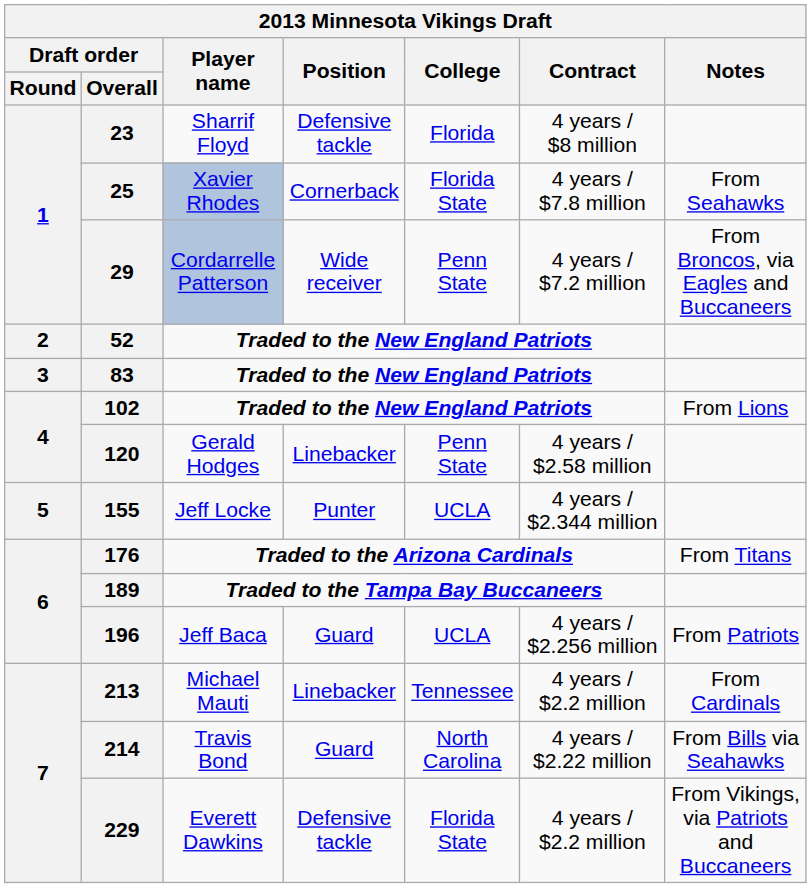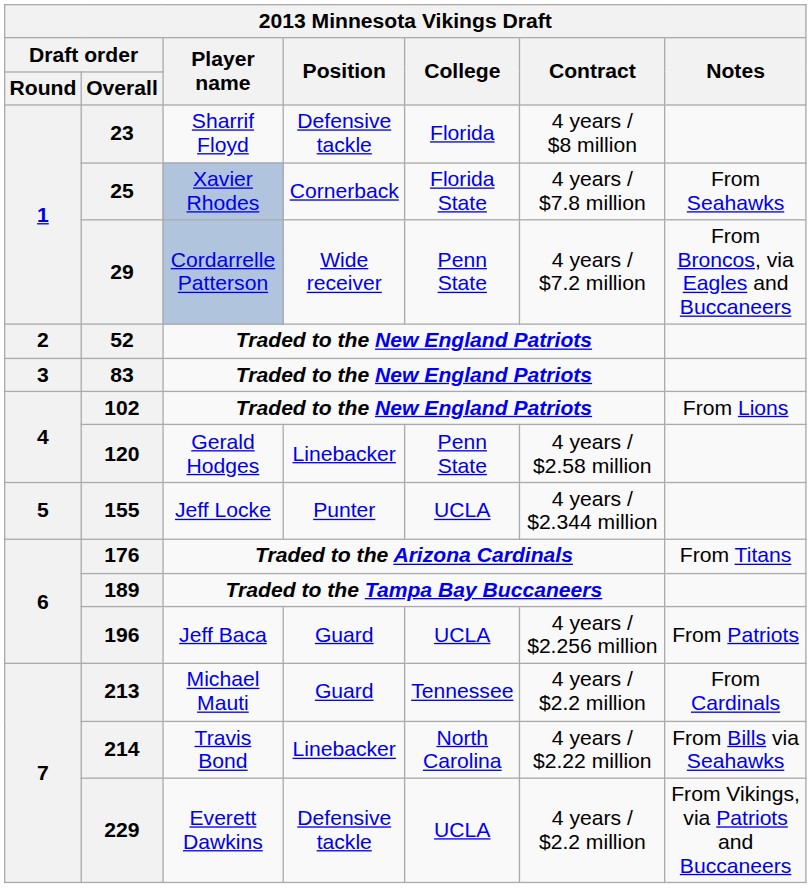 <table class="wikitable" style="text-align:center">
 <tr>
 <th colspan="7">2013 Minnesota Vikings Draft</th>
 </tr>
 <tr>
 <th colspan="2">Draft order</th>
 <th rowspan="2">Player name</th>
 <th rowspan="2">Position</th>
 <th rowspan="2">College</th>
 <th rowspan="2">Contract</th>
 <th rowspan="2">Notes</th>
 </tr>
 <tr>
 <th>Round</th>
 <th>Overall</th>
 </tr>
 <tr>
 <th rowspan="3"><a href='#'>1</a></th>
 <th>23</th>
 <td><a href='#'>Sharrif Floyd</a></td>
 <td><a href='#'>Defensive tackle</a></td>
 <td><a href='#'>Florida</a></td>
 <td>4 years / $8 million</td>
 <td></td>
 </tr>
 <tr>
 <th>25</th>
 <td bgcolor=lightsteelblue><a href='#'>Xavier Rhodes</a></td>
 <td><a href='#'>Cornerback</a></td>
 <td><a href='#'>Florida State</a></td>
 <td>4 years / $7.8 million</td>
 <td>From <a href='#'>Seahawks</a></td>
 </tr>
 <tr>
 <th>29</th>
 <td bgcolor=lightsteelblue><a href='#'>Cordarrelle Patterson</a></td>
 <td><a href='#'>Wide receiver</a></td>
 <td><a href='#'>Penn State</a></td>
 <td>4 years / $7.2 million</td>
 <td>From <a href='#'>Broncos</a>, via <a href='#'>Eagles</a> and <a href='#'>Buccaneers</a></td>
 </tr>
 <tr>
 <th>2</th>
 <th>52</th>
 <td colspan="4"><strong><em>Traded to the <a href='#'>New England Patriots</a></em></strong></td>
 <td></td>
 </tr>
 <tr>
 <th>3</th>
 <th>83</th>
 <td colspan="4"><strong><em>Traded to the <a href='#'>New England Patriots</a></em></strong></td>
 <td></td>
 </tr>
 <tr>
 <th rowspan="2">4</th>
 <th>102</th>
 <td colspan="4"><strong><em>Traded to the <a href='#'>New England Patriots</a></em></strong></td>
 <td>From <a href='#'>Lions</a></td>
 </tr>
 <tr>
 <th>120</th>
 <td><a href='#'>Gerald Hodges</a></td>
 <td><a href='#'>Linebacker</a></td>
 <td><a href='#'>Penn State</a></td>
 <td>4 years / $2.58 million</td>
 <td></td>
 </tr>
 <tr>
 <th>5</th>
 <th>155</th>
 <td><a href='#'>Jeff Locke</a></td>
 <td><a href='#'>Punter</a></td>
 <td><a href='#'>UCLA</a></td>
 <td>4 years / $2.344 million</td>
 <td></td>
 </tr>
 <tr>
 <th rowspan="3">6</th>
 <th>176</th>
 <td colspan="4"><strong><em>Traded to the <a href='#'>Arizona Cardinals</a></em></strong></td>
 <td>From <a href='#'>Titans</a></td>
 </tr>
 <tr>
 <th>189</th>
 <td colspan="4"><strong><em>Traded to the <a href='#'>Tampa Bay Buccaneers</a></em></strong></td>
 <td></td>
 </tr>
 <tr>
 <th>196</th>
 <td><a href='#'>Jeff Baca</a></td>
 <td><a href='#'>Guard</a></td>
 <td><a href='#'>UCLA</a></td>
 <td>4 years / $2.256 million</td>
 <td>From <a href='#'>Patriots</a></td>
 </tr>
 <tr>
 <th rowspan="3">7</th>
 <th>213</th>
 <td><a href='#'>Michael Mauti</a></td>
-<td><a href='#'>Linebacker</a></td>
+<td><a href='#'>Guard</a></td>
 <td><a href='#'>Tennessee</a></td>
 <td>4 years / $2.2 million</td>
 <td>From <a href='#'>Cardinals</a></td>
 </tr>
 <tr>
 <th>214</th>
 <td><a href='#'>Travis Bond</a></td>
-<td><a href='#'>Guard</a></td>
+<td><a href='#'>Linebacker</a></td>
 <td><a href='#'>North Carolina</a></td>
 <td>4 years / $2.22 million</td>
 <td>From <a href='#'>Bills</a> via <a href='#'>Seahawks</a></td>
 </tr>
 <tr>
 <th>229</th>
 <td><a href='#'>Everett Dawkins</a></td>
 <td><a href='#'>Defensive tackle</a></td>
-<td><a href='#'>Florida State</a></td>
+<td><a href='#'>UCLA</a></td>
 <td>4 years / $2.2 million</td>
 <td>From Vikings, via <a href='#'>Patriots</a> and <a href='#'>Buccaneers</a></td>
 </tr>
 </table>
